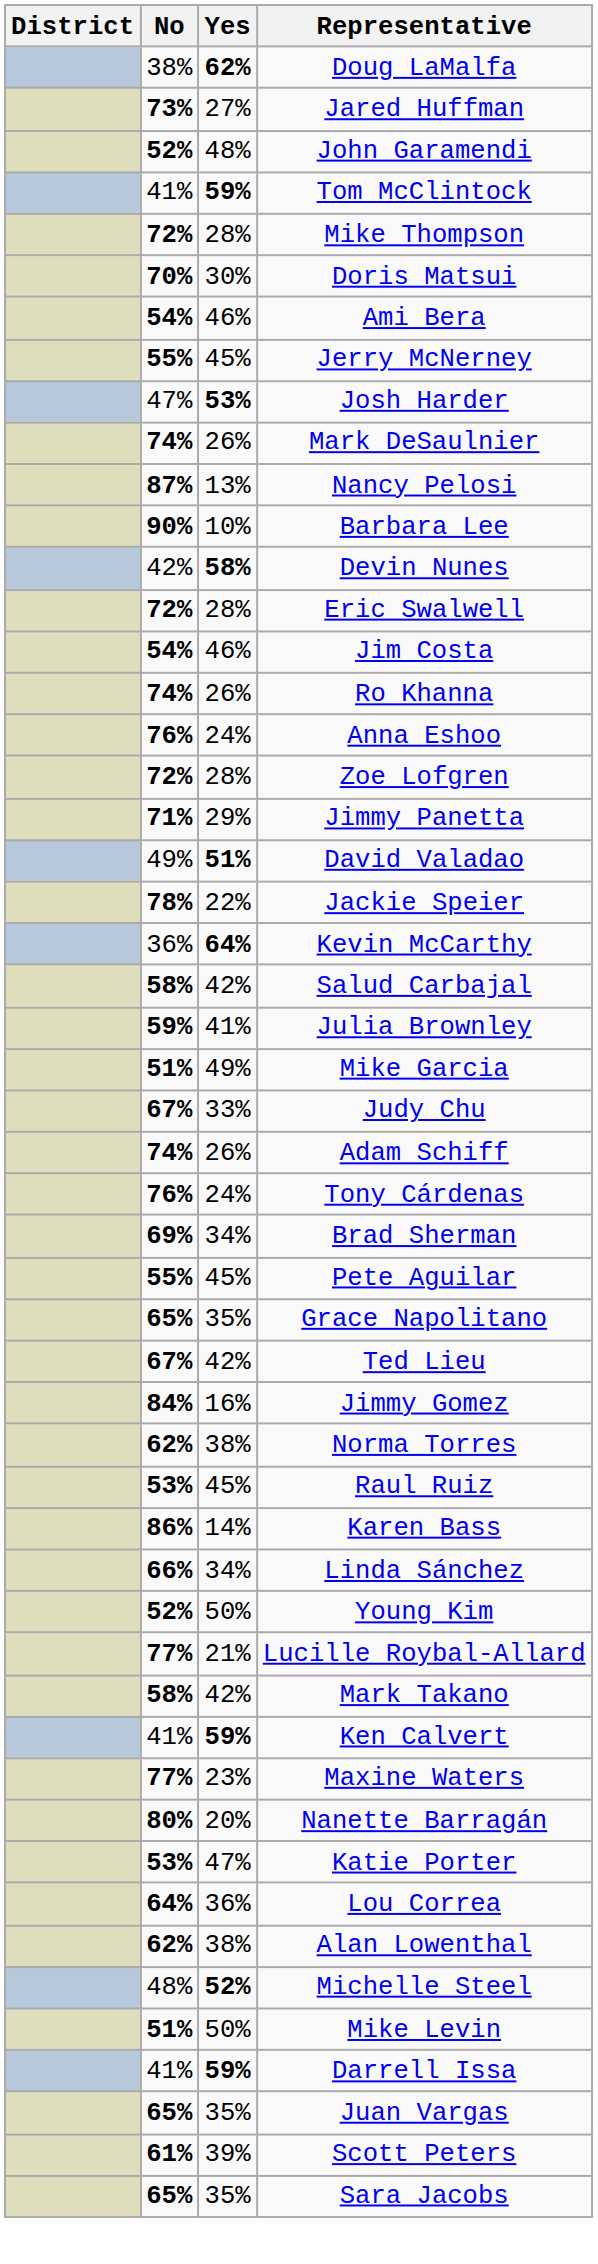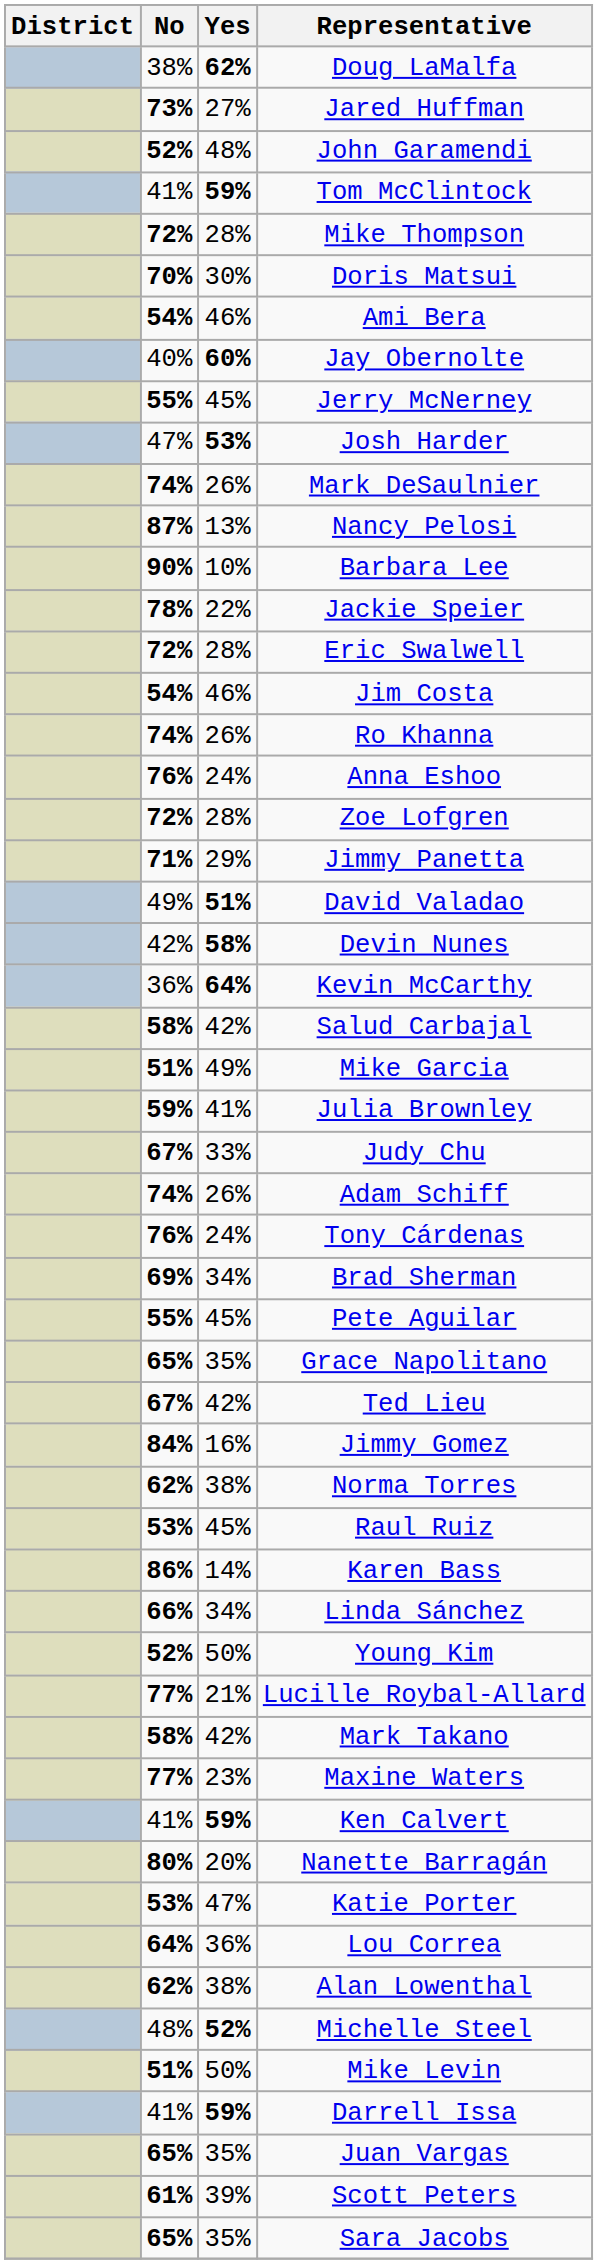 <table class="wikitable sortable">
 <tr>
 <th>District</th>
 <th>No</th>
 <th>Yes</th>
 <th>Representative</th>
 </tr>
 <tr align=center>
 <th style="background:#B6C8D9"></th>
 <td>38%</td>
 <td><strong>62%</strong></td>
 <td><a href='#'>Doug LaMalfa</a></td>
 </tr>
 <tr align=center>
 <th style="background:#DEDEBD"></th>
 <td><strong>73%</strong></td>
 <td>27%</td>
 <td><a href='#'>Jared Huffman</a></td>
 </tr>
 <tr align=center>
 <th style="background:#DEDEBD"></th>
 <td><strong>52%</strong></td>
 <td>48%</td>
 <td><a href='#'>John Garamendi</a></td>
 </tr>
 <tr align=center>
 <th style="background:#B6C8D9"></th>
 <td>41%</td>
 <td><strong>59%</strong></td>
 <td><a href='#'>Tom McClintock</a></td>
 </tr>
 <tr align=center>
 <th style="background:#DEDEBD"></th>
 <td><strong>72%</strong></td>
 <td>28%</td>
 <td><a href='#'>Mike Thompson</a></td>
 </tr>
 <tr align=center>
 <th style="background:#DEDEBD"></th>
 <td><strong>70%</strong></td>
 <td>30%</td>
 <td><a href='#'>Doris Matsui</a></td>
 </tr>
 <tr align=center>
 <th style="background:#DEDEBD"></th>
 <td><strong>54%</strong></td>
 <td>46%</td>
 <td><a href='#'>Ami Bera</a></td>
 </tr>
 <tr align=center>
+<th style="background:#B6C8D9"></th>
+<td>40%</td>
+<td><strong>60%</strong></td>
+<td><a href='#'>Jay Obernolte</a></td>
+</tr>
+<tr align=center>
 <th style="background:#DEDEBD"></th>
 <td><strong>55%</strong></td>
 <td>45%</td>
 <td><a href='#'>Jerry McNerney</a></td>
 </tr>
 <tr align=center>
 <th style="background:#B6C8D9"></th>
 <td>47%</td>
 <td><strong>53%</strong></td>
 <td><a href='#'>Josh Harder</a></td>
 </tr>
 <tr align=center>
 <th style="background:#DEDEBD"></th>
 <td><strong>74%</strong></td>
 <td>26%</td>
 <td><a href='#'>Mark DeSaulnier</a></td>
 </tr>
 <tr align=center>
 <th style="background:#DEDEBD"></th>
 <td><strong>87%</strong></td>
 <td>13%</td>
 <td><a href='#'>Nancy Pelosi</a></td>
 </tr>
 <tr align=center>
 <th style="background:#DEDEBD"></th>
 <td><strong>90%</strong></td>
 <td>10%</td>
 <td><a href='#'>Barbara Lee</a></td>
 </tr>
 <tr align=center>
-<th style="background:#B6C8D9"></th>
-<td>42%</td>
-<td><strong>58%</strong></td>
-<td><a href='#'>Devin Nunes</a></td>
+<th style="background:#DEDEBD"></th>
+<td><strong>78%</strong></td>
+<td>22%</td>
+<td><a href='#'>Jackie Speier</a></td>
 </tr>
 <tr align=center>
 <th style="background:#DEDEBD"></th>
 <td><strong>72%</strong></td>
 <td>28%</td>
 <td><a href='#'>Eric Swalwell</a></td>
 </tr>
 <tr align=center>
 <th style="background:#DEDEBD"></th>
 <td><strong>54%</strong></td>
 <td>46%</td>
 <td><a href='#'>Jim Costa</a></td>
 </tr>
 <tr align=center>
 <th style="background:#DEDEBD"></th>
 <td><strong>74%</strong></td>
 <td>26%</td>
 <td><a href='#'>Ro Khanna</a></td>
 </tr>
 <tr align=center>
 <th style="background:#DEDEBD"></th>
 <td><strong>76%</strong></td>
 <td>24%</td>
 <td><a href='#'>Anna Eshoo</a></td>
 </tr>
 <tr align=center>
 <th style="background:#DEDEBD"></th>
 <td><strong>72%</strong></td>
 <td>28%</td>
 <td><a href='#'>Zoe Lofgren</a></td>
 </tr>
 <tr align=center>
 <th style="background:#DEDEBD"></th>
 <td><strong>71%</strong></td>
 <td>29%</td>
 <td><a href='#'>Jimmy Panetta</a></td>
 </tr>
 <tr align=center>
 <th style="background:#B6C8D9"></th>
 <td>49%</td>
 <td><strong>51%</strong></td>
 <td><a href='#'>David Valadao</a></td>
 </tr>
 <tr align=center>
-<th style="background:#DEDEBD"></th>
-<td><strong>78%</strong></td>
-<td>22%</td>
-<td><a href='#'>Jackie Speier</a></td>
+<th style="background:#B6C8D9"></th>
+<td>42%</td>
+<td><strong>58%</strong></td>
+<td><a href='#'>Devin Nunes</a></td>
 </tr>
 <tr align=center>
 <th style="background:#B6C8D9"></th>
 <td>36%</td>
 <td><strong>64%</strong></td>
 <td><a href='#'>Kevin McCarthy</a></td>
 </tr>
 <tr align=center>
 <th style="background:#DEDEBD"></th>
 <td><strong>58%</strong></td>
 <td>42%</td>
 <td><a href='#'>Salud Carbajal</a></td>
 </tr>
 <tr align=center>
 <th style="background:#DEDEBD"></th>
+<td><strong>51%</strong></td>
+<td>49%</td>
+<td><a href='#'>Mike Garcia</a></td>
+</tr>
+<tr align=center>
+<th style="background:#DEDEBD"></th>
 <td><strong>59%</strong></td>
 <td>41%</td>
 <td><a href='#'>Julia Brownley</a></td>
-</tr>
-<tr align=center>
-<th style="background:#DEDEBD"></th>
-<td><strong>51%</strong></td>
-<td>49%</td>
-<td><a href='#'>Mike Garcia</a></td>
 </tr>
 <tr align=center>
 <th style="background:#DEDEBD"></th>
 <td><strong>67%</strong></td>
 <td>33%</td>
 <td><a href='#'>Judy Chu</a></td>
 </tr>
 <tr align=center>
 <th style="background:#DEDEBD"></th>
 <td><strong>74%</strong></td>
 <td>26%</td>
 <td><a href='#'>Adam Schiff</a></td>
 </tr>
 <tr align=center>
 <th style="background:#DEDEBD"></th>
 <td><strong>76%</strong></td>
 <td>24%</td>
 <td><a href='#'>Tony Cárdenas</a></td>
 </tr>
 <tr align=center>
 <th style="background:#DEDEBD"></th>
 <td><strong>69%</strong></td>
 <td>34%</td>
 <td><a href='#'>Brad Sherman</a></td>
 </tr>
 <tr align=center>
 <th style="background:#DEDEBD"></th>
 <td><strong>55%</strong></td>
 <td>45%</td>
 <td><a href='#'>Pete Aguilar</a></td>
 </tr>
 <tr align=center>
 <th style="background:#DEDEBD"></th>
 <td><strong>65%</strong></td>
 <td>35%</td>
 <td><a href='#'>Grace Napolitano</a></td>
 </tr>
 <tr align=center>
 <th style="background:#DEDEBD"></th>
 <td><strong>67%</strong></td>
 <td>42%</td>
 <td><a href='#'>Ted Lieu</a></td>
 </tr>
 <tr align=center>
 <th style="background:#DEDEBD"></th>
 <td><strong>84%</strong></td>
 <td>16%</td>
 <td><a href='#'>Jimmy Gomez</a></td>
 </tr>
 <tr align=center>
 <th style="background:#DEDEBD"></th>
 <td><strong>62%</strong></td>
 <td>38%</td>
 <td><a href='#'>Norma Torres</a></td>
 </tr>
 <tr align=center>
 <th style="background:#DEDEBD"></th>
 <td><strong>53%</strong></td>
 <td>45%</td>
 <td><a href='#'>Raul Ruiz</a></td>
 </tr>
 <tr align=center>
 <th style="background:#DEDEBD"></th>
 <td><strong>86%</strong></td>
 <td>14%</td>
 <td><a href='#'>Karen Bass</a></td>
 </tr>
 <tr align=center>
 <th style="background:#DEDEBD"></th>
 <td><strong>66%</strong></td>
 <td>34%</td>
 <td><a href='#'>Linda Sánchez</a></td>
 </tr>
 <tr align=center>
 <th style="background:#DEDEBD"></th>
 <td><strong>52%</strong></td>
 <td>50%</td>
 <td><a href='#'>Young Kim</a></td>
 </tr>
 <tr align=center>
 <th style="background:#DEDEBD"></th>
 <td><strong>77%</strong></td>
 <td>21%</td>
 <td><a href='#'>Lucille Roybal-Allard</a></td>
 </tr>
 <tr align=center>
 <th style="background:#DEDEBD"></th>
 <td><strong>58%</strong></td>
 <td>42%</td>
 <td><a href='#'>Mark Takano</a></td>
 </tr>
 <tr align=center>
+<th style="background:#DEDEBD"></th>
+<td><strong>77%</strong></td>
+<td>23%</td>
+<td><a href='#'>Maxine Waters</a></td>
+</tr>
+<tr align=center>
 <th style="background:#B6C8D9"></th>
 <td>41%</td>
 <td><strong>59%</strong></td>
 <td><a href='#'>Ken Calvert</a></td>
-</tr>
-<tr align=center>
-<th style="background:#DEDEBD"></th>
-<td><strong>77%</strong></td>
-<td>23%</td>
-<td><a href='#'>Maxine Waters</a></td>
 </tr>
 <tr align=center>
 <th style="background:#DEDEBD"></th>
 <td><strong>80%</strong></td>
 <td>20%</td>
 <td><a href='#'>Nanette Barragán</a></td>
 </tr>
 <tr align=center>
 <th style="background:#DEDEBD"></th>
 <td><strong>53%</strong></td>
 <td>47%</td>
 <td><a href='#'>Katie Porter</a></td>
 </tr>
 <tr align=center>
 <th style="background:#DEDEBD"></th>
 <td><strong>64%</strong></td>
 <td>36%</td>
 <td><a href='#'>Lou Correa</a></td>
 </tr>
 <tr align=center>
 <th style="background:#DEDEBD"></th>
 <td><strong>62%</strong></td>
 <td>38%</td>
 <td><a href='#'>Alan Lowenthal</a></td>
 </tr>
 <tr align=center>
 <th style="background:#B6C8D9"></th>
 <td>48%</td>
 <td><strong>52%</strong></td>
 <td><a href='#'>Michelle Steel</a></td>
 </tr>
 <tr align=center>
 <th style="background:#DEDEBD"></th>
 <td><strong>51%</strong></td>
 <td>50%</td>
 <td><a href='#'>Mike Levin</a></td>
 </tr>
 <tr align=center>
 <th style="background:#B6C8D9"></th>
 <td>41%</td>
 <td><strong>59%</strong></td>
 <td><a href='#'>Darrell Issa</a></td>
 </tr>
 <tr align=center>
 <th style="background:#DEDEBD"></th>
 <td><strong>65%</strong></td>
 <td>35%</td>
 <td><a href='#'>Juan Vargas</a></td>
 </tr>
 <tr align=center>
 <th style="background:#DEDEBD"></th>
 <td><strong>61%</strong></td>
 <td>39%</td>
 <td><a href='#'>Scott Peters</a></td>
 </tr>
 <tr align=center>
 <th style="background:#DEDEBD"></th>
 <td><strong>65%</strong></td>
 <td>35%</td>
 <td><a href='#'>Sara Jacobs</a></td>
 </tr>
 <tr align=center>
 </tr>
 </table>
